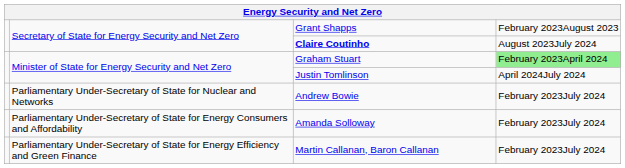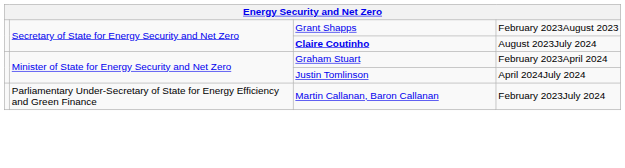 <table class="wikitable">
 <tr>
 <th colspan="4"><a href='#'>Energy Security and Net Zero</a></th>
 </tr>
 <tr>
 <td rowspan="2" style="width: 1px; background: "></td>
 <td rowspan="2" style="width: 450px;"><a href='#'>Secretary of State for Energy Security and Net Zero</a></td>
 <td style="width: 320px;"><a href='#'>Grant Shapps</a></td>
 <td>February 2023August 2023</td>
 </tr>
 <tr>
 <td style="width: 320px;"><strong><a href='#'>Claire Coutinho</a></strong></td>
 <td>August 2023July 2024</td>
 </tr>
 <tr>
 <td rowspan="2" style="width: 1px; background: "></td>
 <td rowspan="2" style="width: 450px;"><a href='#'>Minister of State for Energy Security and Net Zero</a></td>
 <td style="width: 320px;"><a href='#'>Graham Stuart</a></td>
-<td style="background: lightgreen;">February 2023April 2024</td>
+<td>February 2023April 2024</td>
 </tr>
 <tr>
 <td><a href='#'>Justin Tomlinson</a></td>
 <td>April 2024July 2024</td>
-</tr>
-<tr>
-<td rowspan="1" style="width: 1px; background: "></td>
-<td rowspan="1" style="width: 450px;">Parliamentary Under-Secretary of State for Nuclear and Networks</td>
-<td><a href='#'>Andrew Bowie</a></td>
-<td>February 2023July 2024</td>
-</tr>
-<tr>
-<td rowspan="1" style="width: 1px; background: "></td>
-<td rowspan="1" style="width: 450px;">Parliamentary Under-Secretary of State for Energy Consumers and Affordability</td>
-<td><a href='#'>Amanda Solloway</a> </td>
-<td>February 2023July 2024</td>
 </tr>
 <tr>
 <td rowspan="1" style="width: 1px; background: "></td>
 <td rowspan="1" style="width: 450px;">Parliamentary Under-Secretary of State for Energy Efficiency and Green Finance</td>
 <td><a href='#'>Martin Callanan, Baron Callanan</a></td>
 <td>February 2023July 2024</td>
 </tr>
 </table>
